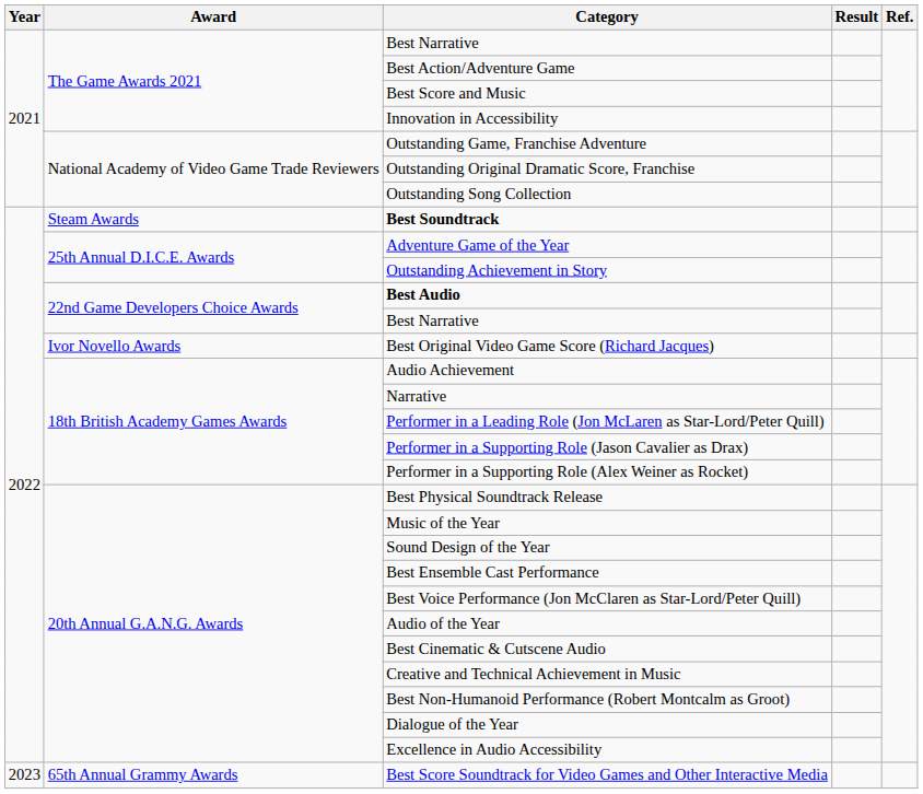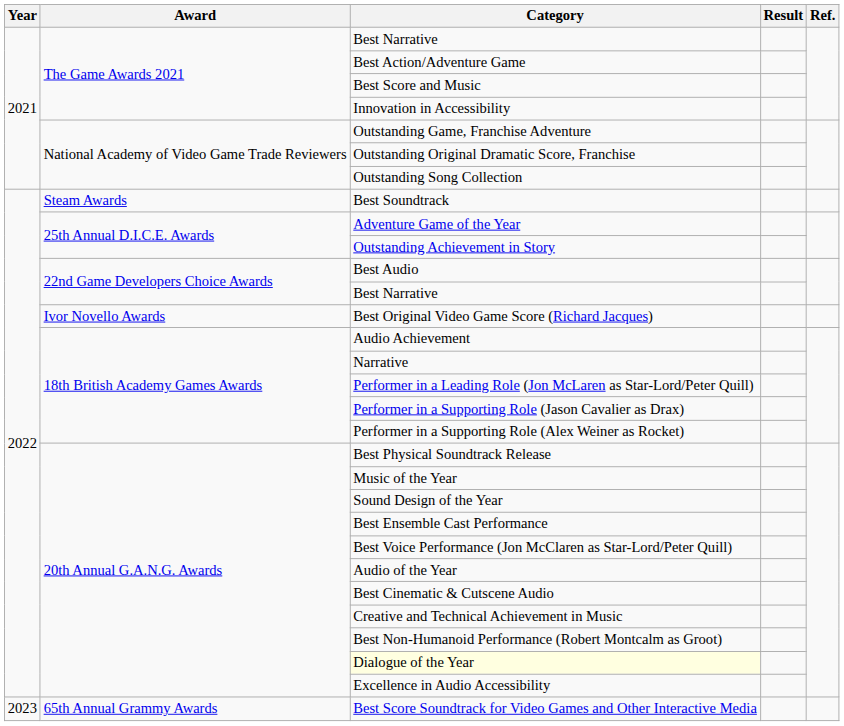 <table class="wikitable sortable">
 <tr>
 <th>Year</th>
 <th>Award</th>
 <th>Category</th>
 <th>Result</th>
 <th>Ref.</th>
 </tr>
 <tr>
 <td rowspan="7" style="text-align:center;">2021</td>
 <td rowspan="4"><a href='#'>The Game Awards 2021</a></td>
 <td>Best Narrative</td>
 <td></td>
 <td rowspan="4" style="text-align:center;"></td>
 </tr>
 <tr>
 <td>Best Action/Adventure Game</td>
 <td></td>
 </tr>
 <tr>
 <td>Best Score and Music</td>
 <td></td>
 </tr>
 <tr>
 <td>Innovation in Accessibility</td>
 <td></td>
 </tr>
 <tr>
 <td rowspan="3">National Academy of Video Game Trade Reviewers</td>
 <td>Outstanding Game, Franchise Adventure</td>
 <td></td>
 <td rowspan="3" style="text-align:center;"></td>
 </tr>
 <tr>
 <td>Outstanding Original Dramatic Score, Franchise</td>
 <td></td>
 </tr>
 <tr>
 <td>Outstanding Song Collection</td>
 <td></td>
 </tr>
 <tr>
 <td rowspan="22" style="text-align:center;">2022</td>
 <td><a href='#'>Steam Awards</a></td>
-<td><strong>Best Soundtrack</strong></td>
+<td>Best Soundtrack</td>
 <td></td>
 <td rowspan="1" style="text-align:center;"></td>
 </tr>
 <tr>
 <td rowspan="2"><a href='#'>25th Annual D.I.C.E. Awards</a></td>
 <td><a href='#'>Adventure Game of the Year</a></td>
 <td></td>
 <td rowspan="2" style="text-align:center;"></td>
 </tr>
 <tr>
 <td><a href='#'>Outstanding Achievement in Story</a></td>
 <td></td>
 </tr>
 <tr>
 <td rowspan="2"><a href='#'>22nd Game Developers Choice Awards</a></td>
-<td><strong>Best Audio</strong></td>
+<td>Best Audio</td>
 <td></td>
 <td rowspan="2" style="text-align:center;"></td>
 </tr>
 <tr>
 <td>Best Narrative</td>
 <td></td>
 </tr>
 <tr>
 <td><a href='#'>Ivor Novello Awards</a></td>
 <td>Best Original Video Game Score (<a href='#'>Richard Jacques</a>)</td>
 <td></td>
 <td align="center"></td>
 </tr>
 <tr>
 <td rowspan="5"><a href='#'>18th British Academy Games Awards</a></td>
 <td>Audio Achievement</td>
 <td></td>
 <td rowspan="5" style="text-align:center;"></td>
 </tr>
 <tr>
 <td>Narrative</td>
 <td></td>
 </tr>
 <tr>
 <td><a href='#'>Performer in a Leading Role</a> (<a href='#'>Jon McLaren</a> as Star-Lord/Peter Quill)</td>
 <td></td>
 </tr>
 <tr>
 <td><a href='#'>Performer in a Supporting Role</a> (Jason Cavalier as Drax)</td>
 <td></td>
 </tr>
 <tr>
 <td>Performer in a Supporting Role (Alex Weiner as Rocket)</td>
 <td></td>
 </tr>
 <tr>
 <td rowspan="11"><a href='#'>20th Annual G.A.N.G. Awards</a></td>
 <td>Best Physical Soundtrack Release</td>
 <td></td>
 <td rowspan="11" style="text-align:center;"></td>
 </tr>
 <tr>
 <td>Music of the Year</td>
 <td></td>
 </tr>
 <tr>
 <td>Sound Design of the Year</td>
 <td></td>
 </tr>
 <tr>
 <td>Best Ensemble Cast Performance</td>
 <td></td>
 </tr>
 <tr>
 <td>Best Voice Performance (Jon McClaren as Star-Lord/Peter Quill)</td>
 <td></td>
 </tr>
 <tr>
 <td>Audio of the Year</td>
 <td></td>
 </tr>
 <tr>
 <td>Best Cinematic & Cutscene Audio</td>
 <td></td>
 </tr>
 <tr>
 <td>Creative and Technical Achievement in Music</td>
 <td></td>
 </tr>
 <tr>
 <td>Best Non-Humanoid Performance (Robert Montcalm as Groot)</td>
 <td></td>
 </tr>
 <tr>
-<td>Dialogue of the Year</td>
+<td style="background: lightyellow;">Dialogue of the Year</td>
 <td></td>
 </tr>
 <tr>
 <td>Excellence in Audio Accessibility</td>
 <td></td>
 </tr>
 <tr>
 <td rowspan="1" style="text-align:center;">2023</td>
 <td><a href='#'>65th Annual Grammy Awards</a></td>
 <td><a href='#'>Best Score Soundtrack for Video Games and Other Interactive Media</a></td>
 <td></td>
 <td rowspan="1" style="text-align:center;"></td>
 </tr>
 </table>
